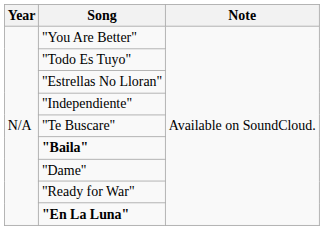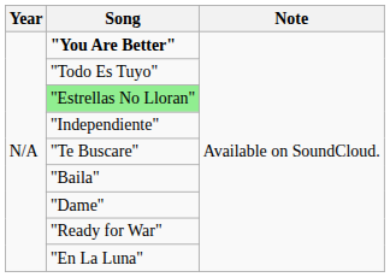 <table class="wikitable">
 <tr>
 <th>Year</th>
 <th>Song</th>
 <th>Note</th>
 </tr>
 <tr>
 <td rowspan="9">N/A</td>
-<td>"You Are Better"</td>
+<td><strong>"You Are Better"</strong></td>
 <td rowspan="9">Available on SoundCloud.</td>
 </tr>
 <tr>
 <td>"Todo Es Tuyo"</td>
 </tr>
 <tr>
-<td>"Estrellas No Lloran"</td>
+<td style="background: lightgreen;">"Estrellas No Lloran"</td>
 </tr>
 <tr>
 <td>"Independiente"</td>
 </tr>
 <tr>
 <td>"Te Buscare"</td>
 </tr>
 <tr>
-<td><strong>"Baila"</strong></td>
+<td>"Baila"</td>
 </tr>
 <tr>
 <td>"Dame"</td>
 </tr>
 <tr>
 <td>"Ready for War"</td>
 </tr>
 <tr>
-<td><strong>"En La Luna"</strong></td>
+<td>"En La Luna"</td>
 </tr>
 </table>
